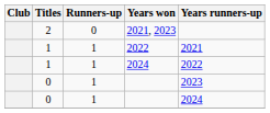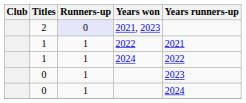 <table class="wikitable plainrowheaders sortable">
 <tr>
 <th scope="col">Club</th>
 <th scope="col">Titles</th>
 <th scope="col">Runners-up</th>
 <th scope="col">Years won</th>
 <th scope="col">Years runners-up</th>
 </tr>
 <tr>
 <th align="left" scope="row"></th>
 <td align="center">2</td>
-<td align="center">0</td>
+<td align="center" style="background: lavender;">0</td>
 <td><a href='#'>2021</a>, <a href='#'>2023</a></td>
 <td align="center"></td>
 </tr>
 <tr>
 <th align="left" scope="row"></th>
 <td align="center">1</td>
 <td align="center">1</td>
 <td><a href='#'>2022</a></td>
 <td><a href='#'>2021</a></td>
 </tr>
 <tr>
 <th align="left" scope="row"></th>
 <td align="center">1</td>
 <td align="center">1</td>
 <td><a href='#'>2024</a></td>
 <td><a href='#'>2022</a></td>
 </tr>
 <tr>
 <th align="left" scope="row"></th>
 <td align="center">0</td>
 <td align="center">1</td>
 <td align="center"></td>
 <td><a href='#'>2023</a></td>
 </tr>
 <tr>
 <th align="left" scope="row"></th>
 <td align="center">0</td>
 <td align="center">1</td>
 <td align="center"></td>
 <td><a href='#'>2024</a></td>
 </tr>
 <tr>
 </tr>
 </table>
